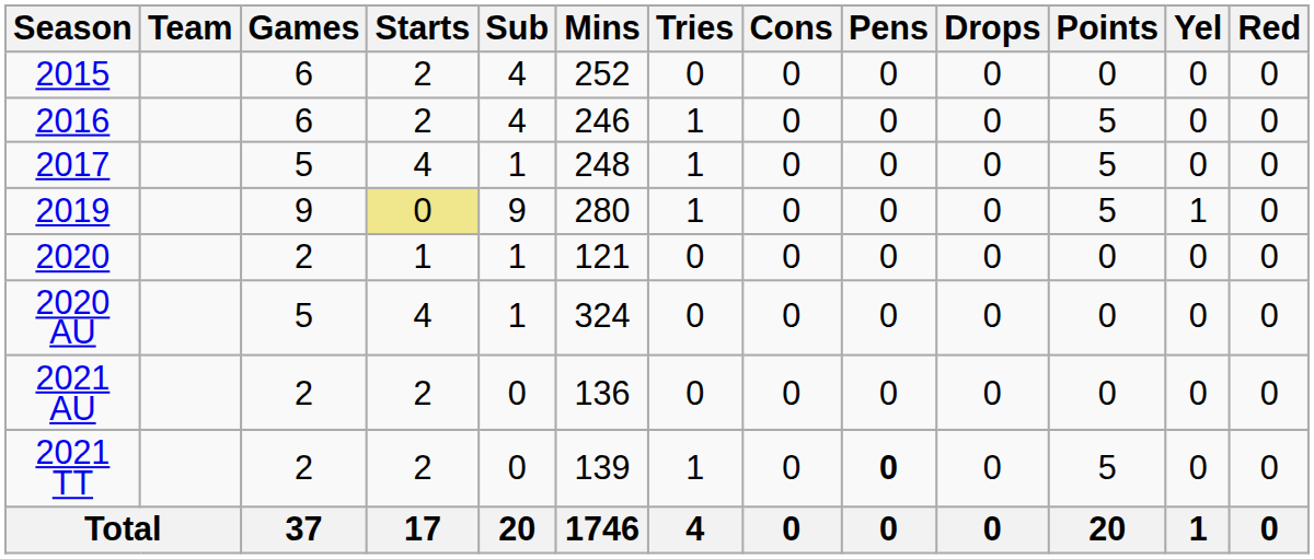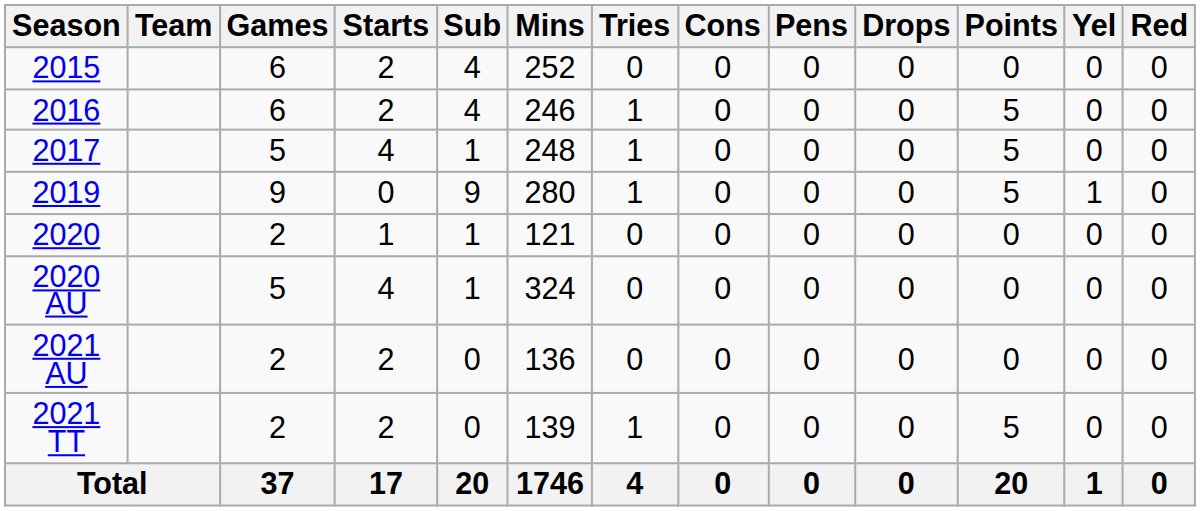 <table class="wikitable" style="text-align:center; line-height:90%; font-size:95%; width:60%;">
 <tr>
 <th>Season</th>
 <th>Team</th>
 <th>Games</th>
 <th>Starts</th>
 <th>Sub</th>
 <th>Mins</th>
 <th>Tries</th>
 <th>Cons</th>
 <th>Pens</th>
 <th>Drops</th>
 <th>Points</th>
 <th>Yel</th>
 <th>Red</th>
 </tr>
 <tr>
 <td><a href='#'>2015</a></td>
 <td></td>
 <td>6</td>
 <td>2</td>
 <td>4</td>
 <td>252</td>
 <td>0</td>
 <td>0</td>
 <td>0</td>
 <td>0</td>
 <td>0</td>
 <td>0</td>
 <td>0</td>
 </tr>
 <tr>
 <td><a href='#'>2016</a></td>
 <td></td>
 <td>6</td>
 <td>2</td>
 <td>4</td>
 <td>246</td>
 <td>1</td>
 <td>0</td>
 <td>0</td>
 <td>0</td>
 <td>5</td>
 <td>0</td>
 <td>0</td>
 </tr>
 <tr>
 <td><a href='#'>2017</a></td>
 <td></td>
 <td>5</td>
 <td>4</td>
 <td>1</td>
 <td>248</td>
 <td>1</td>
 <td>0</td>
 <td>0</td>
 <td>0</td>
 <td>5</td>
 <td>0</td>
 <td>0</td>
 </tr>
 <tr>
 <td><a href='#'>2019</a></td>
 <td></td>
 <td>9</td>
-<td style="background: khaki;">0</td>
+<td>0</td>
 <td>9</td>
 <td>280</td>
 <td>1</td>
 <td>0</td>
 <td>0</td>
 <td>0</td>
 <td>5</td>
 <td>1</td>
 <td>0</td>
 </tr>
 <tr>
 <td><a href='#'>2020</a></td>
 <td></td>
 <td>2</td>
 <td>1</td>
 <td>1</td>
 <td>121</td>
 <td>0</td>
 <td>0</td>
 <td>0</td>
 <td>0</td>
 <td>0</td>
 <td>0</td>
 <td>0</td>
 </tr>
 <tr>
 <td><a href='#'>2020 AU</a></td>
 <td></td>
 <td>5</td>
 <td>4</td>
 <td>1</td>
 <td>324</td>
 <td>0</td>
 <td>0</td>
 <td>0</td>
 <td>0</td>
 <td>0</td>
 <td>0</td>
 <td>0</td>
 </tr>
 <tr>
 <td><a href='#'>2021 AU</a></td>
 <td></td>
 <td>2</td>
 <td>2</td>
 <td>0</td>
 <td>136</td>
 <td>0</td>
 <td>0</td>
 <td>0</td>
 <td>0</td>
 <td>0</td>
 <td>0</td>
 <td>0</td>
 </tr>
 <tr>
 <td><a href='#'>2021 TT</a></td>
 <td></td>
 <td>2</td>
 <td>2</td>
 <td>0</td>
 <td>139</td>
 <td>1</td>
 <td>0</td>
-<td><strong>0</strong></td>
+<td>0</td>
 <td>0</td>
 <td>5</td>
 <td>0</td>
 <td>0</td>
 </tr>
 <tr>
 <th colspan="2">Total</th>
 <th>37</th>
 <th>17</th>
 <th>20</th>
 <th>1746</th>
 <th>4</th>
 <th>0</th>
 <th>0</th>
 <th>0</th>
 <th>20</th>
 <th>1</th>
 <th>0</th>
 </tr>
 </table>
